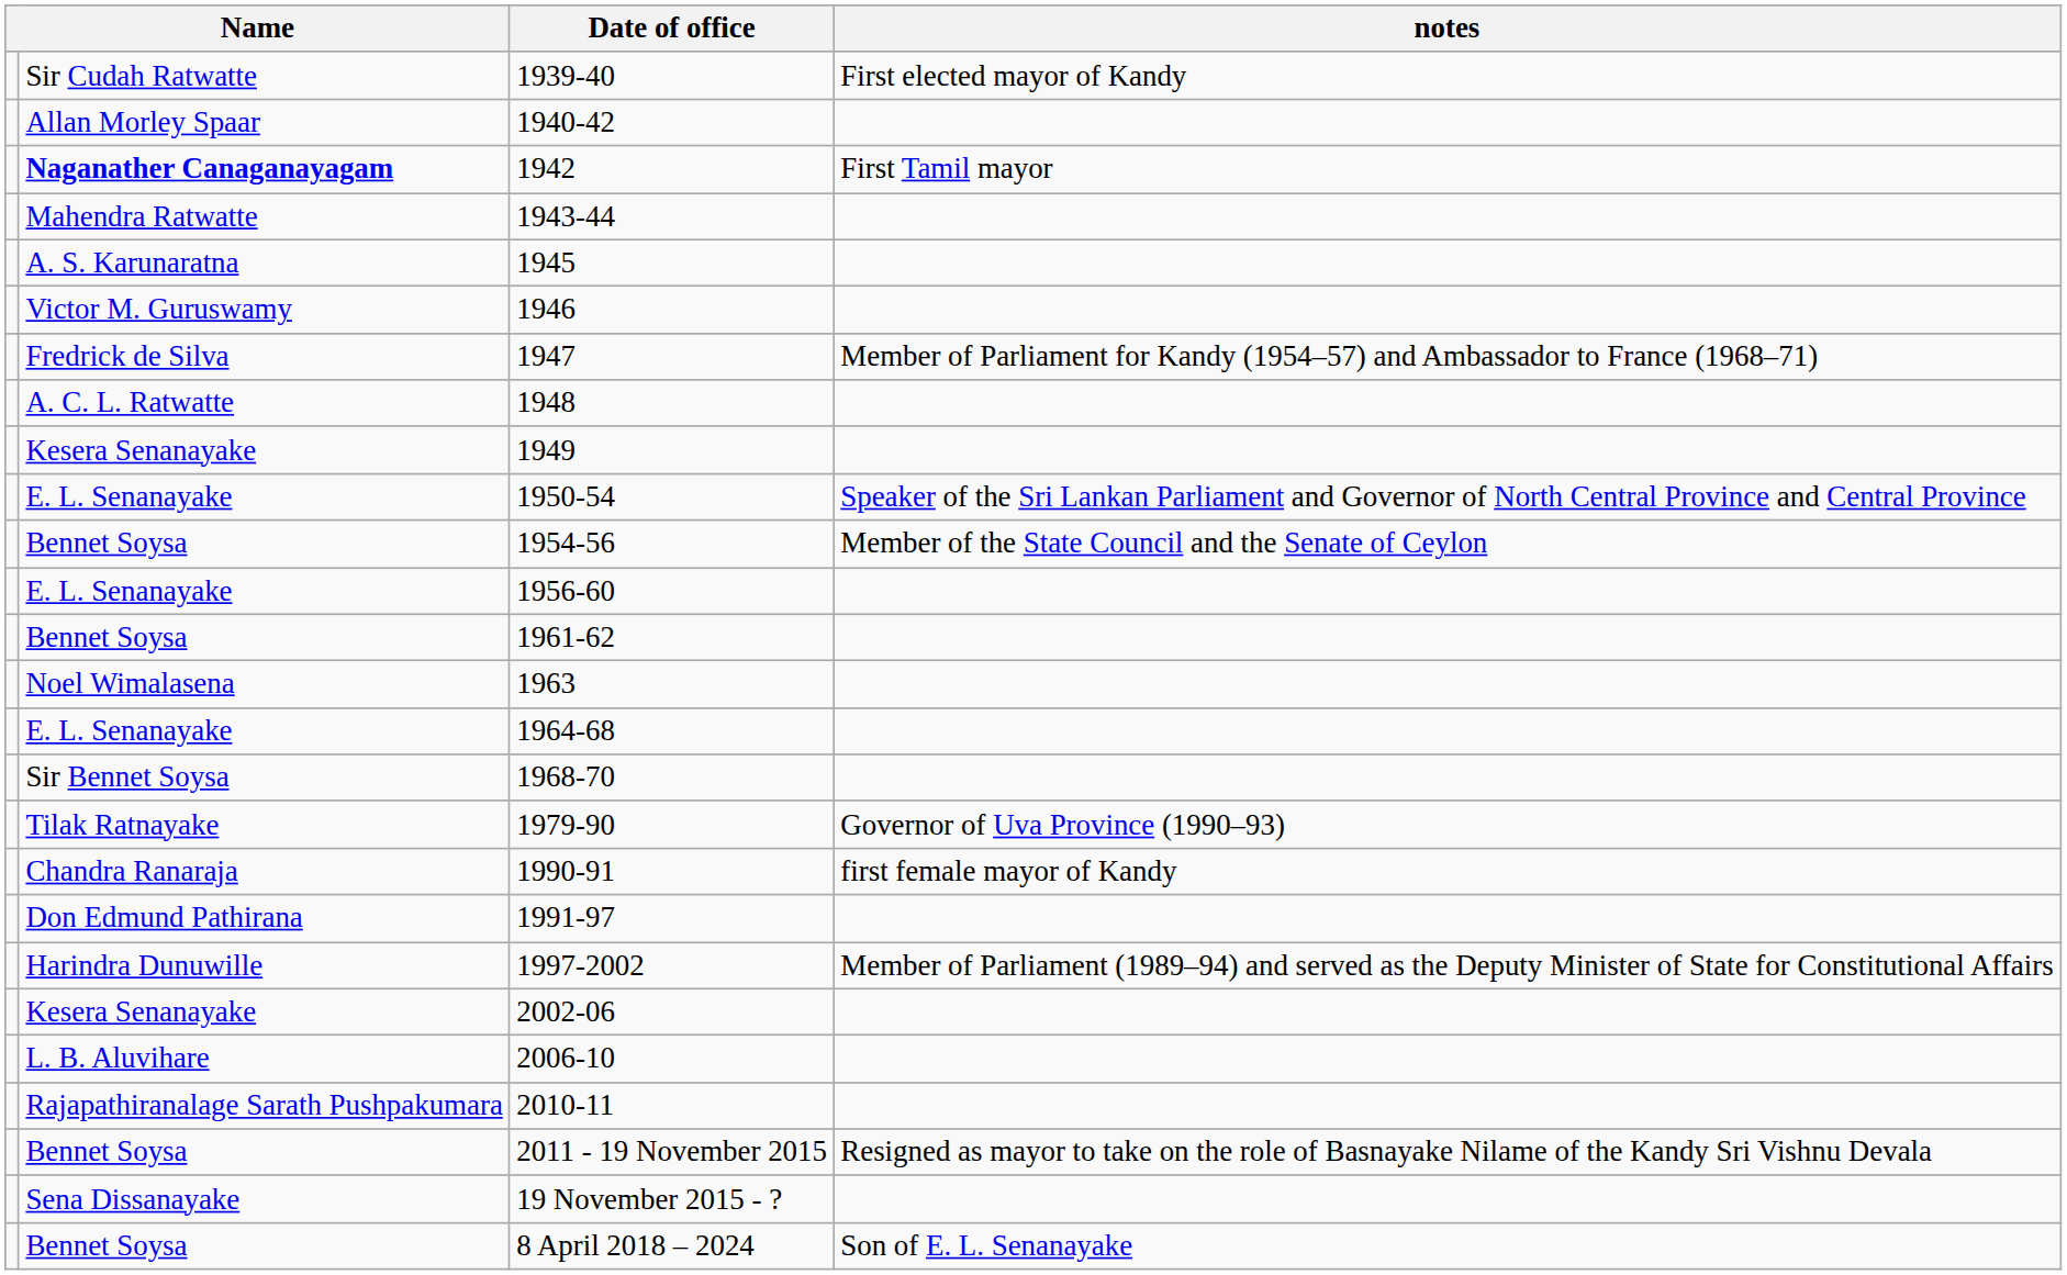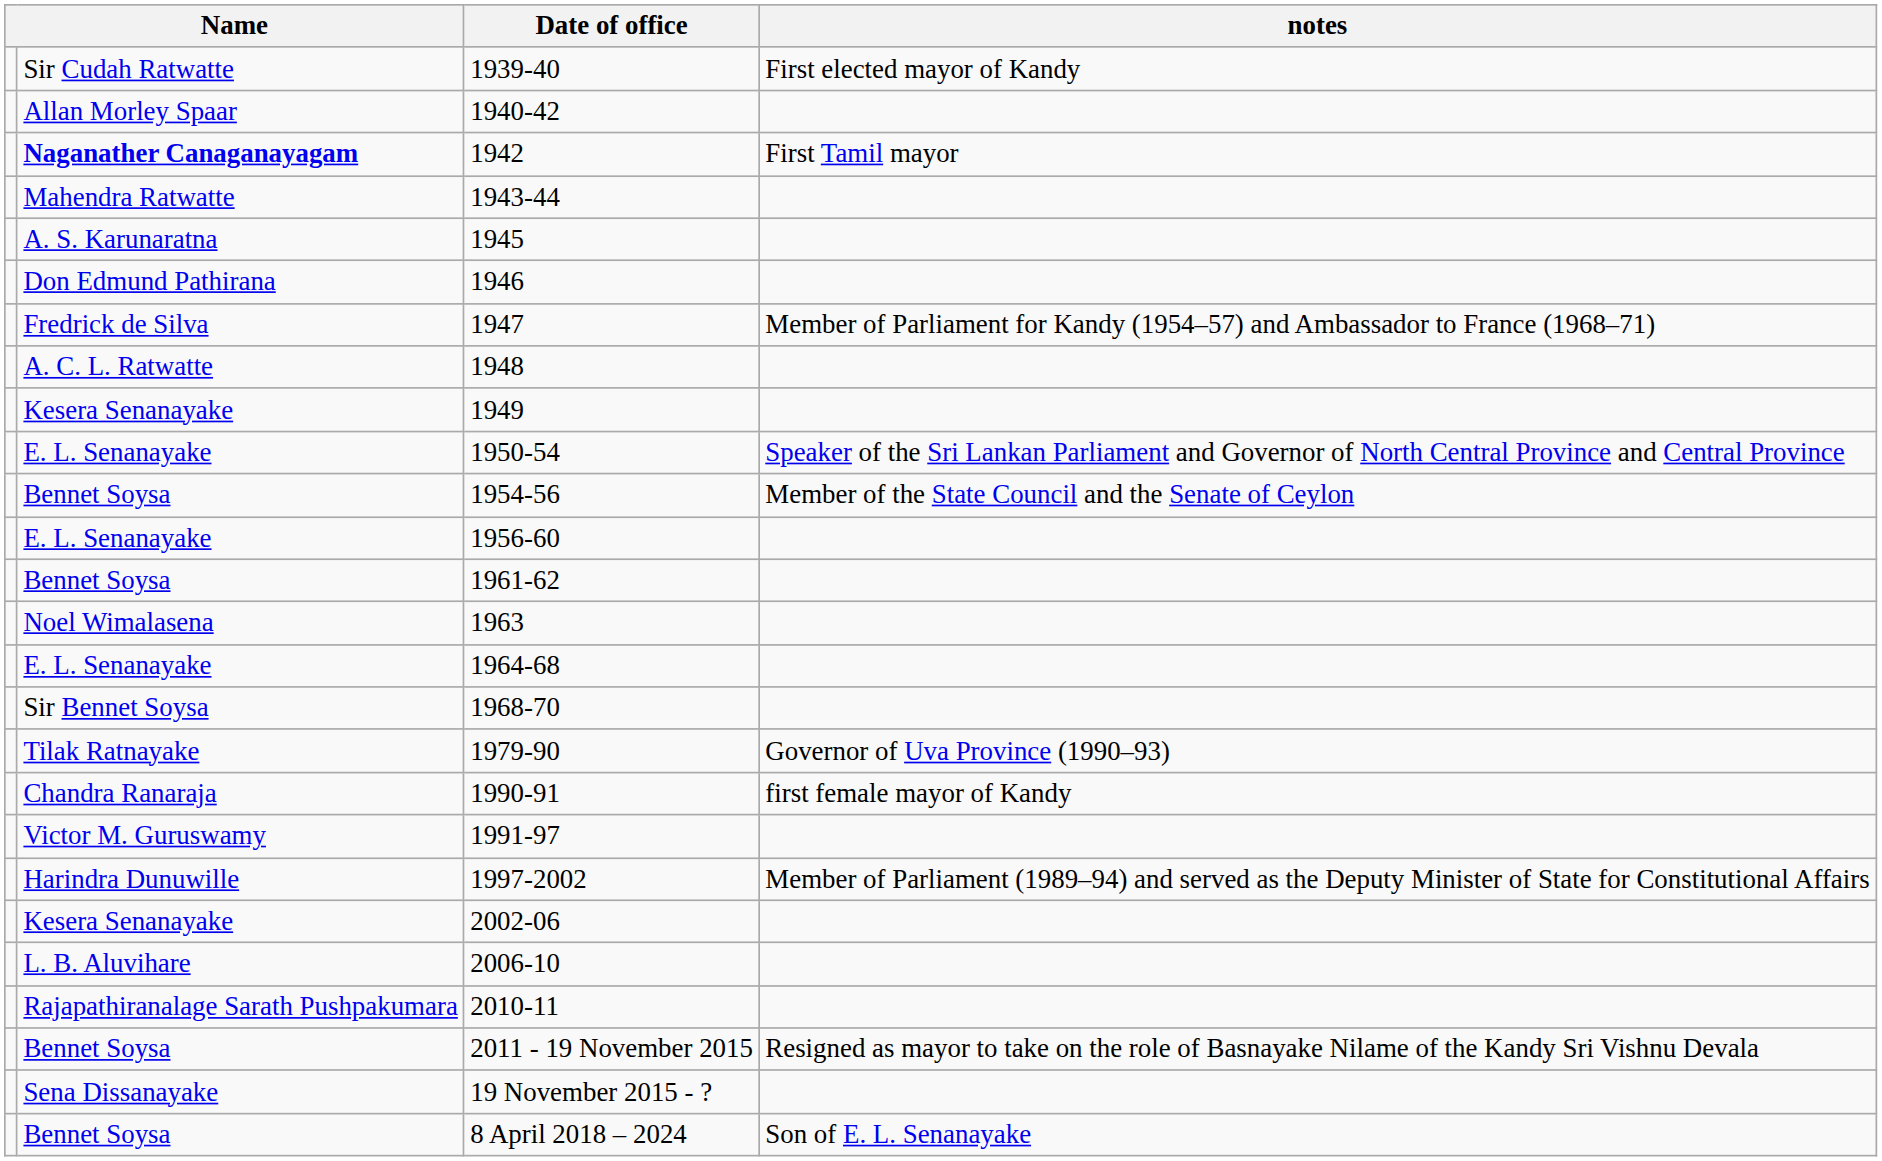 <table class="wikitable sortable">
 <tr>
 <th colspan="2" scope="col">Name</th>
 <th scope="col">Date of office</th>
 <th scope="col">notes</th>
 </tr>
 <tr>
 <td></td>
 <td>Sir <a href='#'>Cudah Ratwatte</a></td>
 <td>1939-40</td>
 <td>First elected mayor of Kandy</td>
 </tr>
 <tr>
 <td></td>
 <td><a href='#'>Allan Morley Spaar</a></td>
 <td>1940-42</td>
 <td></td>
 </tr>
 <tr>
 <td></td>
 <td><strong><a href='#'>Naganather Canaganayagam</a></strong></td>
 <td>1942</td>
 <td>First <a href='#'>Tamil</a> mayor</td>
 </tr>
 <tr>
 <td></td>
 <td><a href='#'>Mahendra Ratwatte</a></td>
 <td>1943-44</td>
 <td></td>
 </tr>
 <tr>
 <td></td>
 <td><a href='#'>A. S. Karunaratna</a></td>
 <td>1945</td>
 <td></td>
 </tr>
 <tr>
 <td></td>
-<td><a href='#'>Victor M. Guruswamy</a></td>
+<td><a href='#'>Don Edmund Pathirana</a></td>
 <td>1946</td>
 <td></td>
 </tr>
 <tr>
 <td style="background:"></td>
 <td><a href='#'>Fredrick de Silva</a></td>
 <td>1947</td>
 <td>Member of Parliament for Kandy (1954–57) and Ambassador to France (1968–71)</td>
 </tr>
 <tr>
 <td style="background:"></td>
 <td><a href='#'>A. C. L. Ratwatte</a></td>
 <td>1948</td>
 <td></td>
 </tr>
 <tr>
 <td style="background:"></td>
 <td><a href='#'>Kesera Senanayake</a></td>
 <td>1949</td>
 <td></td>
 </tr>
 <tr>
 <td style="background:"></td>
 <td><a href='#'>E. L. Senanayake</a></td>
 <td>1950-54</td>
 <td><a href='#'>Speaker</a> of the <a href='#'>Sri Lankan Parliament</a> and Governor of <a href='#'>North Central Province</a> and <a href='#'>Central Province</a></td>
 </tr>
 <tr>
 <td style="background:"></td>
 <td><a href='#'>Bennet Soysa</a></td>
 <td>1954-56</td>
 <td>Member of the <a href='#'>State Council</a> and the <a href='#'>Senate of Ceylon</a></td>
 </tr>
 <tr>
 <td style="background:"></td>
 <td><a href='#'>E. L. Senanayake</a></td>
 <td>1956-60</td>
 <td></td>
 </tr>
 <tr>
 <td style="background:"></td>
 <td><a href='#'>Bennet Soysa</a></td>
 <td>1961-62</td>
 <td></td>
 </tr>
 <tr>
 <td style="background:"></td>
 <td><a href='#'>Noel Wimalasena</a></td>
 <td>1963</td>
 <td></td>
 </tr>
 <tr>
 <td style="background:"></td>
 <td><a href='#'>E. L. Senanayake</a></td>
 <td>1964-68</td>
 <td></td>
 </tr>
 <tr>
 <td style="background:"></td>
 <td>Sir <a href='#'>Bennet Soysa</a></td>
 <td>1968-70</td>
 <td></td>
 </tr>
 <tr>
 <td style="background:"></td>
 <td><a href='#'>Tilak Ratnayake</a></td>
 <td>1979-90</td>
 <td>Governor of <a href='#'>Uva Province</a> (1990–93)</td>
 </tr>
 <tr>
 <td style="background:"></td>
 <td><a href='#'>Chandra Ranaraja</a></td>
 <td>1990-91</td>
 <td>first female mayor of Kandy</td>
 </tr>
 <tr>
 <td style="background:"></td>
-<td><a href='#'>Don Edmund Pathirana</a></td>
+<td><a href='#'>Victor M. Guruswamy</a></td>
 <td>1991-97</td>
 <td></td>
 </tr>
 <tr>
 <td style="background:"></td>
 <td><a href='#'>Harindra Dunuwille</a></td>
 <td>1997-2002</td>
 <td>Member of Parliament (1989–94) and served as the Deputy Minister of State for Constitutional Affairs</td>
 </tr>
 <tr>
 <td style="background:"></td>
 <td><a href='#'>Kesera Senanayake</a></td>
 <td>2002-06</td>
 <td></td>
 </tr>
 <tr>
 <td style="background:"></td>
 <td><a href='#'>L. B. Aluvihare</a></td>
 <td>2006-10</td>
 <td></td>
 </tr>
 <tr>
 <td style="background:"></td>
 <td><a href='#'>Rajapathiranalage Sarath Pushpakumara</a></td>
 <td>2010-11</td>
 <td></td>
 </tr>
 <tr>
 <td style="background:"></td>
 <td><a href='#'>Bennet Soysa</a></td>
 <td>2011 - 19 November 2015</td>
 <td>Resigned as mayor to take on the role of Basnayake Nilame of the Kandy Sri Vishnu Devala</td>
 </tr>
 <tr>
 <td style="background:"></td>
 <td><a href='#'>Sena Dissanayake</a></td>
 <td>19 November 2015 -  ?</td>
 <td></td>
 </tr>
 <tr>
 <td style="background:"></td>
 <td><a href='#'>Bennet Soysa</a></td>
 <td>8 April 2018 – 2024</td>
 <td>Son of <a href='#'>E. L. Senanayake</a></td>
 </tr>
 </table>
